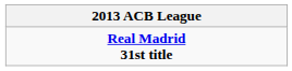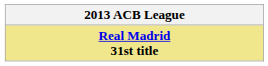 <table class="wikitable" style="margin: 0 auto; width: 20%;">
 <tr>
 <th>2013 ACB League</th>
 </tr>
 <tr>
-<td align=center><strong><a href='#'>Real Madrid</a></strong><br><strong>31st title</strong> <br></td>
+<td align=center style="background: khaki;"><strong><a href='#'>Real Madrid</a></strong><br><strong>31st title</strong> <br></td>
 </tr>
 </table>
